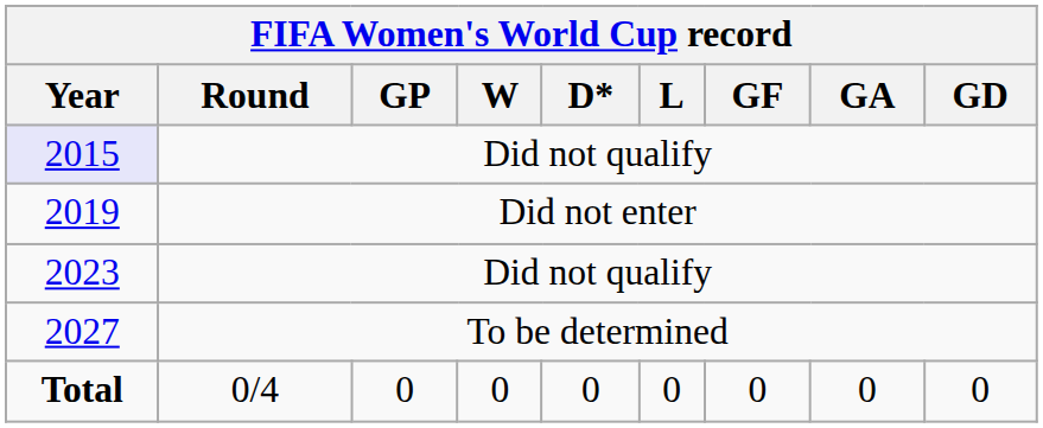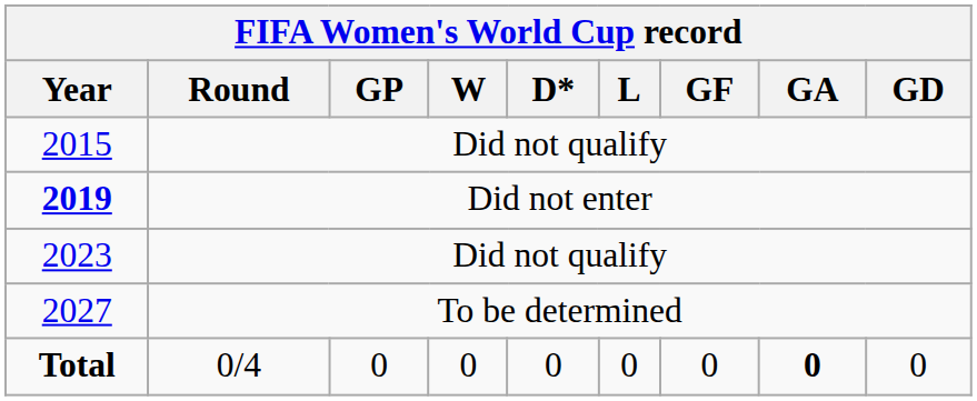 <table class="wikitable" style="text-align: center; width:50%">
 <tr>
 <th colspan=9><a href='#'>FIFA Women's World Cup</a> record</th>
 </tr>
 <tr>
 <th>Year</th>
 <th>Round</th>
 <th>GP</th>
 <th>W</th>
 <th>D*</th>
 <th>L</th>
 <th>GF</th>
 <th>GA</th>
 <th>GD</th>
 </tr>
 <tr>
-<td style="background: lavender;"> <a href='#'>2015</a></td>
+<td> <a href='#'>2015</a></td>
 <td colspan=9>Did not qualify</td>
 </tr>
 <tr>
-<td> <a href='#'>2019</a></td>
+<td><strong> <a href='#'>2019</a></strong></td>
 <td colspan=9>Did not enter</td>
 </tr>
 <tr>
 <td> <a href='#'>2023</a></td>
 <td colspan=9>Did not qualify</td>
 </tr>
 <tr>
 <td> <a href='#'>2027</a></td>
 <td colspan=9>To be determined</td>
 </tr>
 <tr>
 <td><strong>Total</strong></td>
 <td>0/4</td>
 <td>0</td>
 <td>0</td>
 <td>0</td>
 <td>0</td>
 <td>0</td>
-<td>0</td>
+<td><strong>0</strong></td>
 <td>0</td>
 </tr>
 </table>
